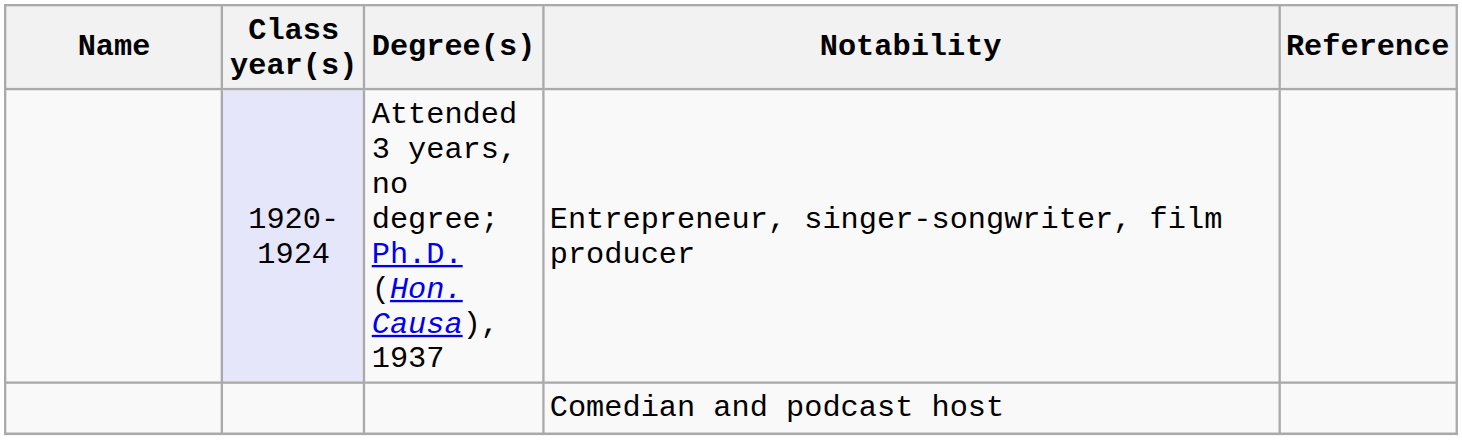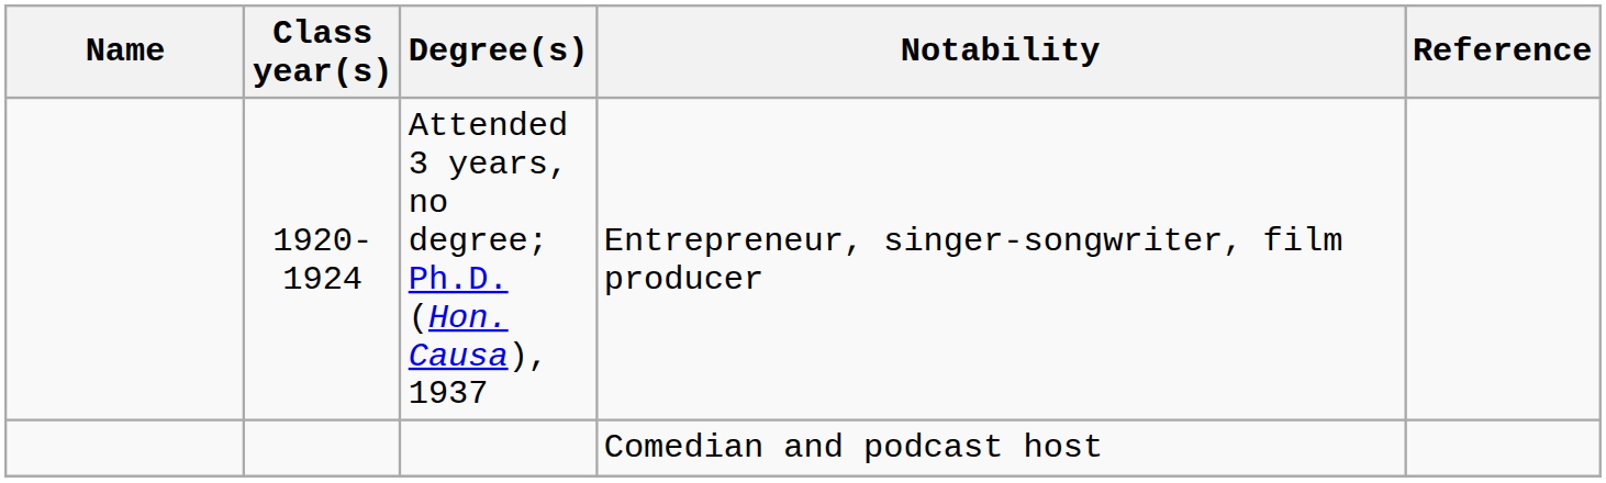 <table class="wikitable sortable" style="width:100%">
 <tr>
 <th style="width:15%;">Name</th>
 <th style="width:5%;">Class year(s)</th>
 <th style="width:10%;">Degree(s)</th>
 <th style="width:*;" class="unsortable">Notability</th>
 <th style="width:5%;" class="unsortable">Reference</th>
 </tr>
 <tr>
 <td></td>
-<td style="background: lavender; text-align:center;">1920-1924</td>
+<td style="text-align:center;">1920-1924</td>
 <td>Attended 3 years, no degree; <a href='#'>Ph.D.</a> (<a href='#'><em>Hon. Causa</em></a>), 1937</td>
 <td>Entrepreneur, singer-songwriter, film producer</td>
 <td style="text-align:center;"><br></td>
 </tr>
 <tr>
 <td></td>
 <td style="text-align:center;"></td>
 <td></td>
 <td>Comedian and podcast host</td>
 <td style="text-align:center;"></td>
 </tr>
 <tr>
 </tr>
 </table>
